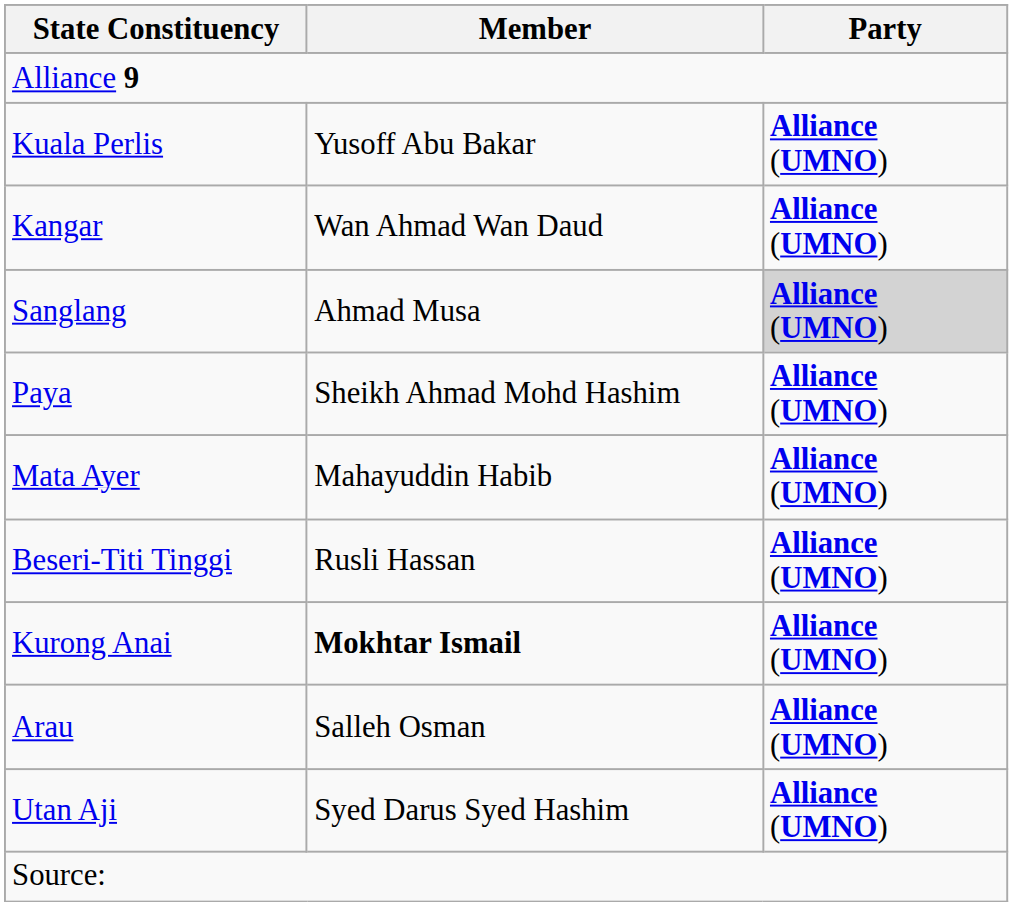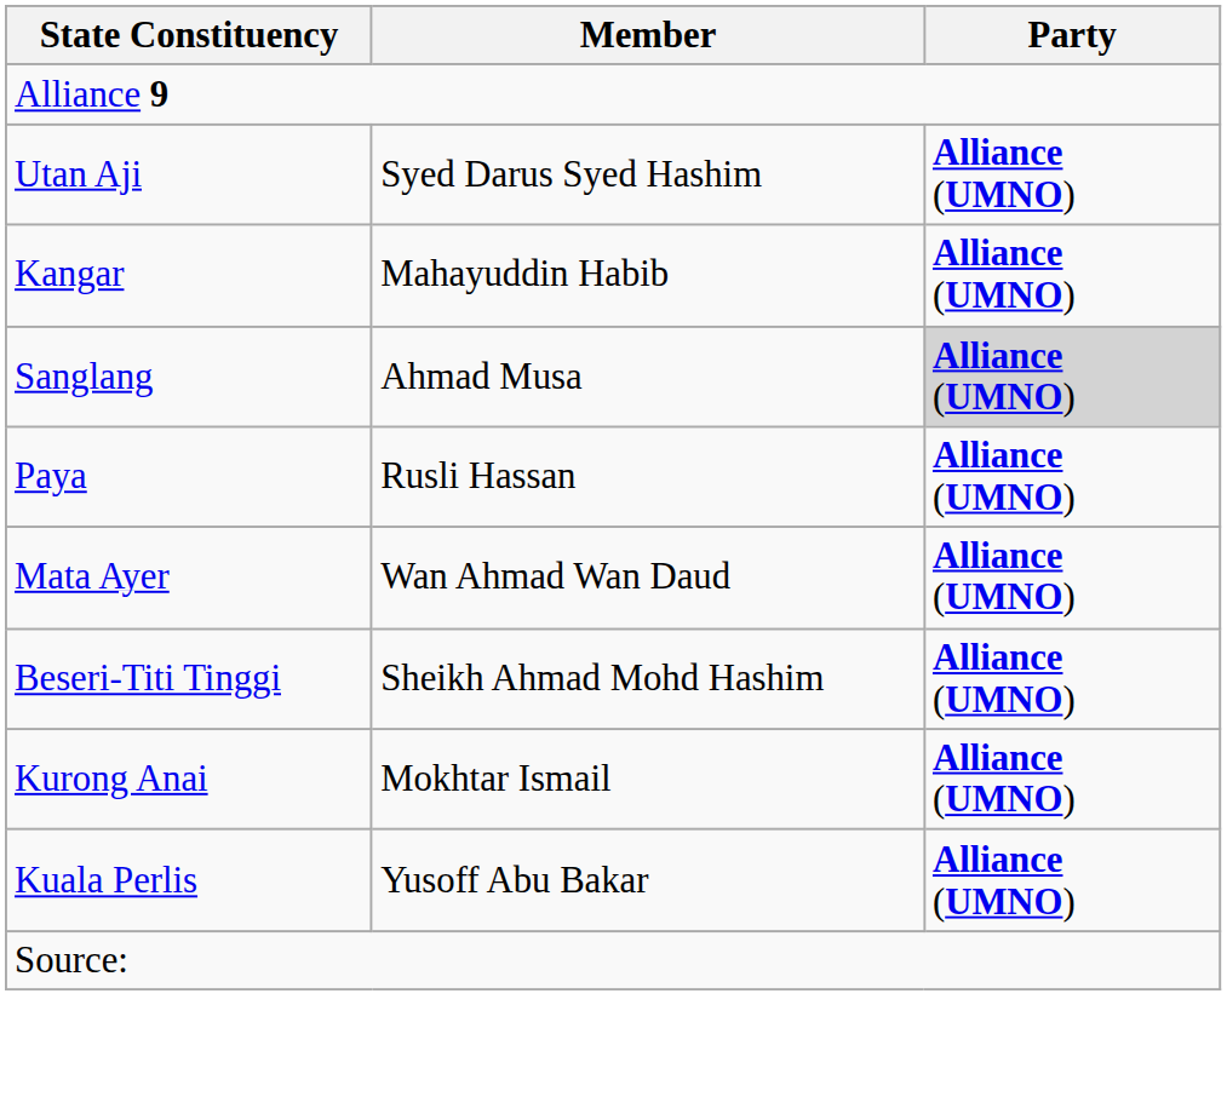 <table class="wikitable sortable">
 <tr>
 <th style="width:150px;">State Constituency</th>
 <th style="width:230px;">Member</th>
 <th style="width:120px;">Party</th>
 </tr>
 <tr>
 <td colspan="3"><a href='#'>Alliance</a> <strong>9</strong></td>
 </tr>
 <tr>
-<td><a href='#'>Kuala Perlis</a></td>
-<td>Yusoff Abu Bakar</td>
+<td><a href='#'>Utan Aji</a></td>
+<td>Syed Darus Syed Hashim</td>
 <td><strong><a href='#'>Alliance</a></strong> (<strong><a href='#'>UMNO</a></strong>)</td>
 </tr>
 <tr>
 <td><a href='#'>Kangar</a></td>
-<td>Wan Ahmad Wan Daud</td>
+<td>Mahayuddin Habib</td>
 <td><strong><a href='#'>Alliance</a></strong> (<strong><a href='#'>UMNO</a></strong>)</td>
 </tr>
 <tr>
 <td><a href='#'>Sanglang</a></td>
 <td>Ahmad Musa</td>
 <td style="background: lightgrey;"><strong><a href='#'>Alliance</a></strong> (<strong><a href='#'>UMNO</a></strong>)</td>
 </tr>
 <tr>
 <td><a href='#'>Paya</a></td>
+<td>Rusli Hassan</td>
+<td><strong><a href='#'>Alliance</a></strong> (<strong><a href='#'>UMNO</a></strong>)</td>
+</tr>
+<tr>
+<td><a href='#'>Mata Ayer</a></td>
+<td>Wan Ahmad Wan Daud</td>
+<td><strong><a href='#'>Alliance</a></strong> (<strong><a href='#'>UMNO</a></strong>)</td>
+</tr>
+<tr>
+<td><a href='#'>Beseri-Titi Tinggi</a></td>
 <td>Sheikh Ahmad Mohd Hashim</td>
 <td><strong><a href='#'>Alliance</a></strong> (<strong><a href='#'>UMNO</a></strong>)</td>
 </tr>
 <tr>
-<td><a href='#'>Mata Ayer</a></td>
-<td>Mahayuddin Habib</td>
+<td><a href='#'>Kurong Anai</a></td>
+<td>Mokhtar Ismail</td>
 <td><strong><a href='#'>Alliance</a></strong> (<strong><a href='#'>UMNO</a></strong>)</td>
 </tr>
 <tr>
-<td><a href='#'>Beseri-Titi Tinggi</a></td>
-<td>Rusli Hassan</td>
-<td><strong><a href='#'>Alliance</a></strong> (<strong><a href='#'>UMNO</a></strong>)</td>
-</tr>
-<tr>
-<td><a href='#'>Kurong Anai</a></td>
-<td><strong>Mokhtar Ismail</strong></td>
-<td><strong><a href='#'>Alliance</a></strong> (<strong><a href='#'>UMNO</a></strong>)</td>
-</tr>
-<tr>
-<td><a href='#'>Arau</a></td>
-<td>Salleh Osman</td>
-<td><strong><a href='#'>Alliance</a></strong> (<strong><a href='#'>UMNO</a></strong>)</td>
-</tr>
-<tr>
-<td><a href='#'>Utan Aji</a></td>
-<td>Syed Darus Syed Hashim</td>
+<td><a href='#'>Kuala Perlis</a></td>
+<td>Yusoff Abu Bakar</td>
 <td><strong><a href='#'>Alliance</a></strong> (<strong><a href='#'>UMNO</a></strong>)</td>
 </tr>
 <tr>
 <td colspan="3">Source:</td>
 </tr>
 </table>
